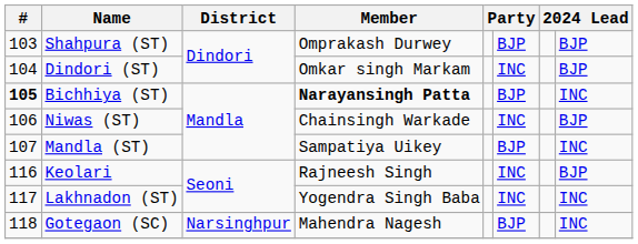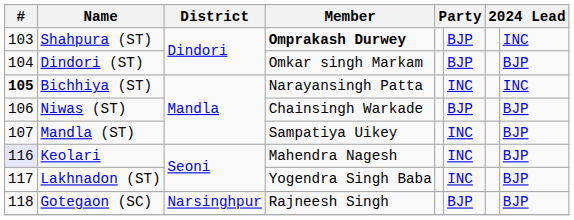 <table class="wikitable">
 <tr>
 <th>#</th>
 <th>Name</th>
 <th>District</th>
 <th>Member</th>
 <th colspan="2">Party</th>
 <th colspan="2">2024 Lead</th>
 </tr>
 <tr>
 <td>103</td>
 <td><a href='#'>Shahpura</a> (ST)</td>
 <td rowspan="2"><a href='#'>Dindori</a></td>
-<td>Omprakash Durwey</td>
+<td><strong>Omprakash Durwey</strong></td>
 <td style="background-color: "></td>
 <td><a href='#'>BJP</a></td>
 <td style="background-color: "></td>
-<td><a href='#'>BJP</a></td>
+<td><a href='#'>INC</a></td>
 </tr>
 <tr>
 <td>104</td>
 <td><a href='#'>Dindori</a> (ST)</td>
 <td>Omkar singh Markam</td>
 <td style="background-color: "></td>
-<td><a href='#'>INC</a></td>
+<td><a href='#'>BJP</a></td>
 <td style="background-color: "></td>
 <td><a href='#'>BJP</a></td>
 </tr>
 <tr>
 <td><strong>105</strong></td>
 <td><a href='#'>Bichhiya</a> (ST)</td>
 <td rowspan="3"><a href='#'>Mandla</a></td>
-<td><strong>Narayansingh Patta</strong></td>
+<td>Narayansingh Patta</td>
 <td style="background-color: "></td>
-<td><a href='#'>BJP</a></td>
+<td><a href='#'>INC</a></td>
 <td style="background-color: "></td>
 <td><a href='#'>INC</a></td>
 </tr>
 <tr>
 <td>106</td>
 <td><a href='#'>Niwas</a> (ST)</td>
 <td>Chainsingh Warkade</td>
 <td style="background-color: "></td>
-<td><a href='#'>INC</a></td>
+<td><a href='#'>BJP</a></td>
 <td style="background-color: "></td>
 <td><a href='#'>BJP</a></td>
 </tr>
 <tr>
 <td>107</td>
 <td><a href='#'>Mandla</a> (ST)</td>
 <td>Sampatiya Uikey</td>
 <td style="background-color: "></td>
+<td><a href='#'>INC</a></td>
+<td style="background-color: "></td>
 <td><a href='#'>BJP</a></td>
-<td style="background-color: "></td>
-<td><a href='#'>INC</a></td>
 </tr>
 <tr>
-<td>116</td>
+<td style="background: lavender;">116</td>
 <td><a href='#'>Keolari</a></td>
 <td rowspan="2"><a href='#'>Seoni</a></td>
-<td>Rajneesh Singh</td>
+<td>Mahendra Nagesh</td>
 <td style="background-color: "></td>
 <td><a href='#'>INC</a></td>
 <td style="background-color: "></td>
 <td><a href='#'>BJP</a></td>
 </tr>
 <tr>
 <td>117</td>
 <td><a href='#'>Lakhnadon</a> (ST)</td>
 <td>Yogendra Singh Baba</td>
 <td style="background-color: "></td>
 <td><a href='#'>INC</a></td>
 <td style="background-color: "></td>
-<td><a href='#'>INC</a></td>
+<td><a href='#'>BJP</a></td>
 </tr>
 <tr>
 <td>118</td>
 <td><a href='#'>Gotegaon</a> (SC)</td>
 <td><a href='#'>Narsinghpur</a></td>
-<td>Mahendra Nagesh</td>
+<td>Rajneesh Singh</td>
 <td style="background-color: "></td>
 <td><a href='#'>BJP</a></td>
 <td style="background-color: "></td>
-<td><a href='#'>INC</a></td>
+<td><a href='#'>BJP</a></td>
 </tr>
 <tr>
 </tr>
 </table>
